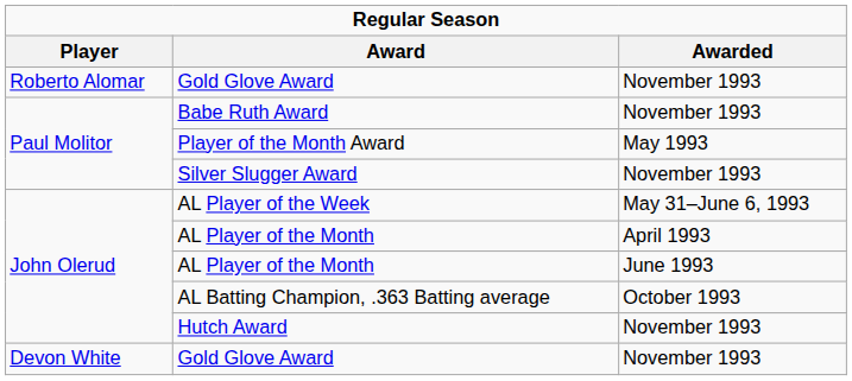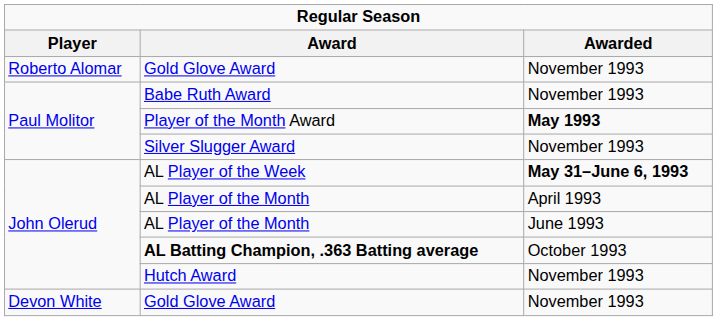 <table class="wikitable" style="width:55%;">
 <tr>
 <td colspan="10" style="text-align:center;"><strong>Regular Season</strong></td>
 </tr>
 <tr>
 <th>Player</th>
 <th>Award</th>
 <th>Awarded</th>
 </tr>
 <tr>
 <td><a href='#'>Roberto Alomar</a></td>
 <td><a href='#'>Gold Glove Award</a></td>
 <td>November 1993</td>
 </tr>
 <tr>
 <td rowspan=3><a href='#'>Paul Molitor</a></td>
 <td><a href='#'>Babe Ruth Award</a></td>
 <td>November 1993</td>
 </tr>
 <tr>
 <td><a href='#'>Player of the Month</a> Award</td>
-<td>May 1993</td>
+<td><strong>May 1993</strong></td>
 </tr>
 <tr>
 <td><a href='#'>Silver Slugger Award</a></td>
 <td>November 1993</td>
 </tr>
 <tr>
 <td rowspan=5><a href='#'>John Olerud</a></td>
 <td>AL <a href='#'>Player of the Week</a></td>
-<td>May 31–June 6, 1993</td>
+<td><strong>May 31–June 6, 1993</strong></td>
 </tr>
 <tr>
 <td>AL <a href='#'>Player of the Month</a></td>
 <td>April 1993</td>
 </tr>
 <tr>
 <td>AL <a href='#'>Player of the Month</a></td>
 <td>June 1993</td>
 </tr>
 <tr>
-<td>AL Batting Champion, .363 Batting average</td>
+<td><strong>AL Batting Champion, .363 Batting average</strong></td>
 <td>October 1993</td>
 </tr>
 <tr>
 <td><a href='#'>Hutch Award</a></td>
 <td>November 1993</td>
 </tr>
 <tr>
 <td><a href='#'>Devon White</a></td>
 <td><a href='#'>Gold Glove Award</a></td>
 <td>November 1993</td>
 </tr>
 </table>
